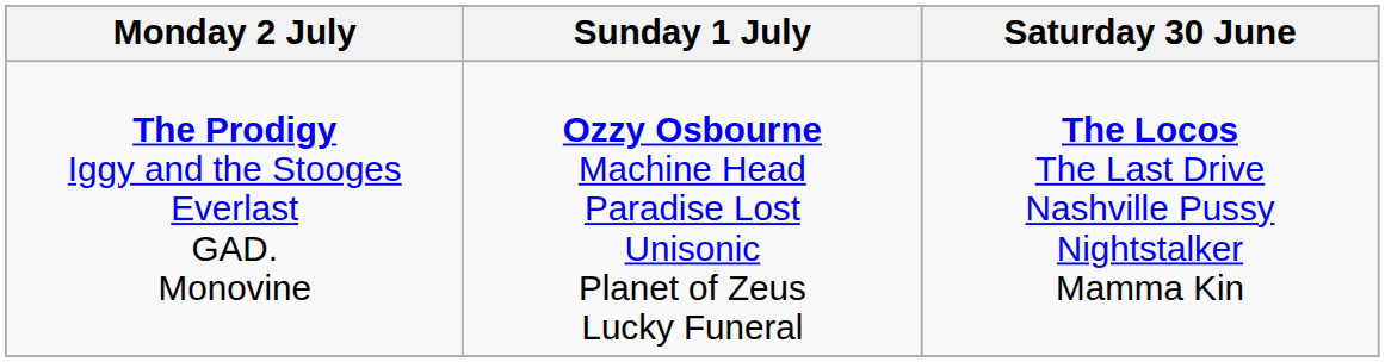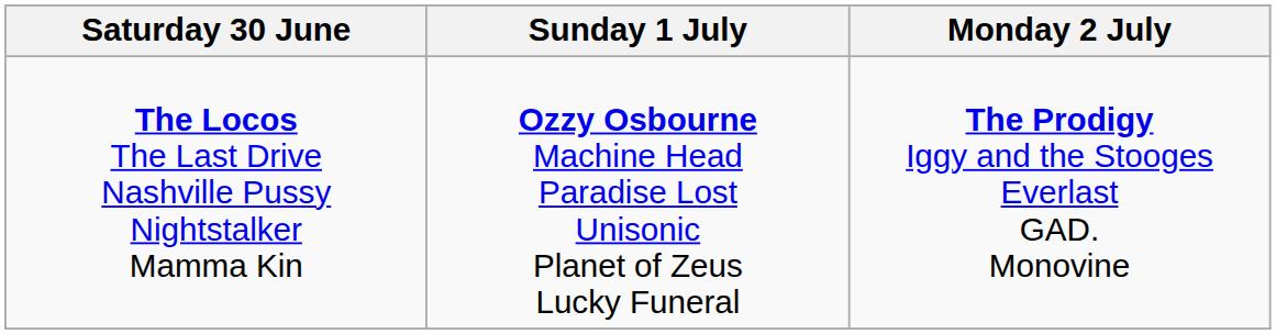 <table class="wikitable">
 <tr>
+<th>Saturday 30 June</th>
+<th>Sunday 1 July</th>
 <th>Monday 2 July</th>
-<th>Sunday 1 July</th>
-<th>Saturday 30 June</th>
 </tr>
 <tr>
+<td valign="top" align="center" width=200><br><strong><a href='#'>The Locos</a></strong> <br><a href='#'>The Last Drive</a> <br><a href='#'>Nashville Pussy</a> <br><a href='#'>Nightstalker</a> <br>Mamma Kin</td>
+<td valign="top" align="center" width=200><br><strong><a href='#'>Ozzy Osbourne</a></strong> <br><a href='#'>Machine Head</a> <br><a href='#'>Paradise Lost</a> <br><a href='#'>Unisonic</a> <br>Planet of Zeus <br>Lucky Funeral</td>
 <td valign="top" align="center" width=200><br><strong><a href='#'>The Prodigy</a></strong> <br><a href='#'>Iggy and the Stooges</a> <br><a href='#'>Everlast</a> <br>GAD. <br>Monovine</td>
-<td valign="top" align="center" width=200><br><strong><a href='#'>Ozzy Osbourne</a></strong> <br><a href='#'>Machine Head</a> <br><a href='#'>Paradise Lost</a> <br><a href='#'>Unisonic</a> <br>Planet of Zeus <br>Lucky Funeral</td>
-<td valign="top" align="center" width=200><br><strong><a href='#'>The Locos</a></strong> <br><a href='#'>The Last Drive</a> <br><a href='#'>Nashville Pussy</a> <br><a href='#'>Nightstalker</a> <br>Mamma Kin</td>
 </tr>
 </table>
